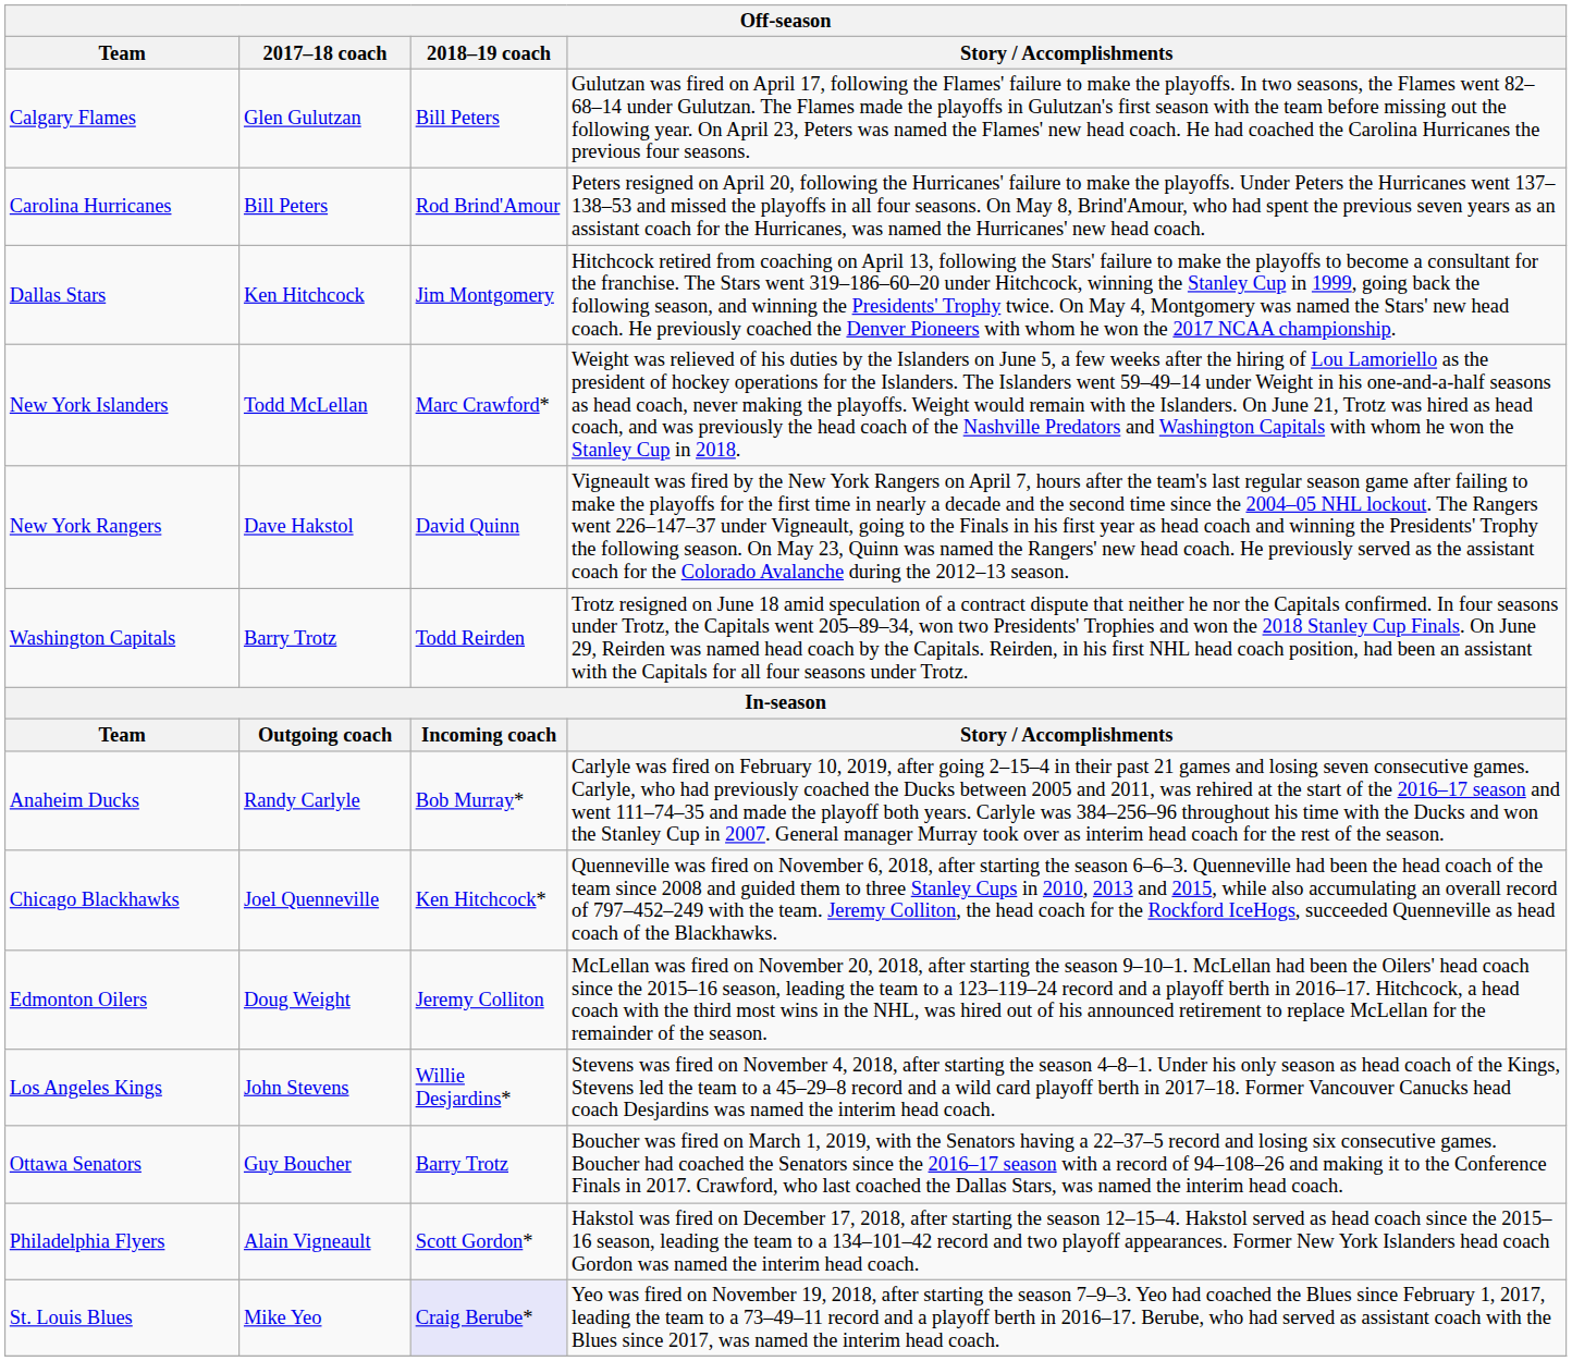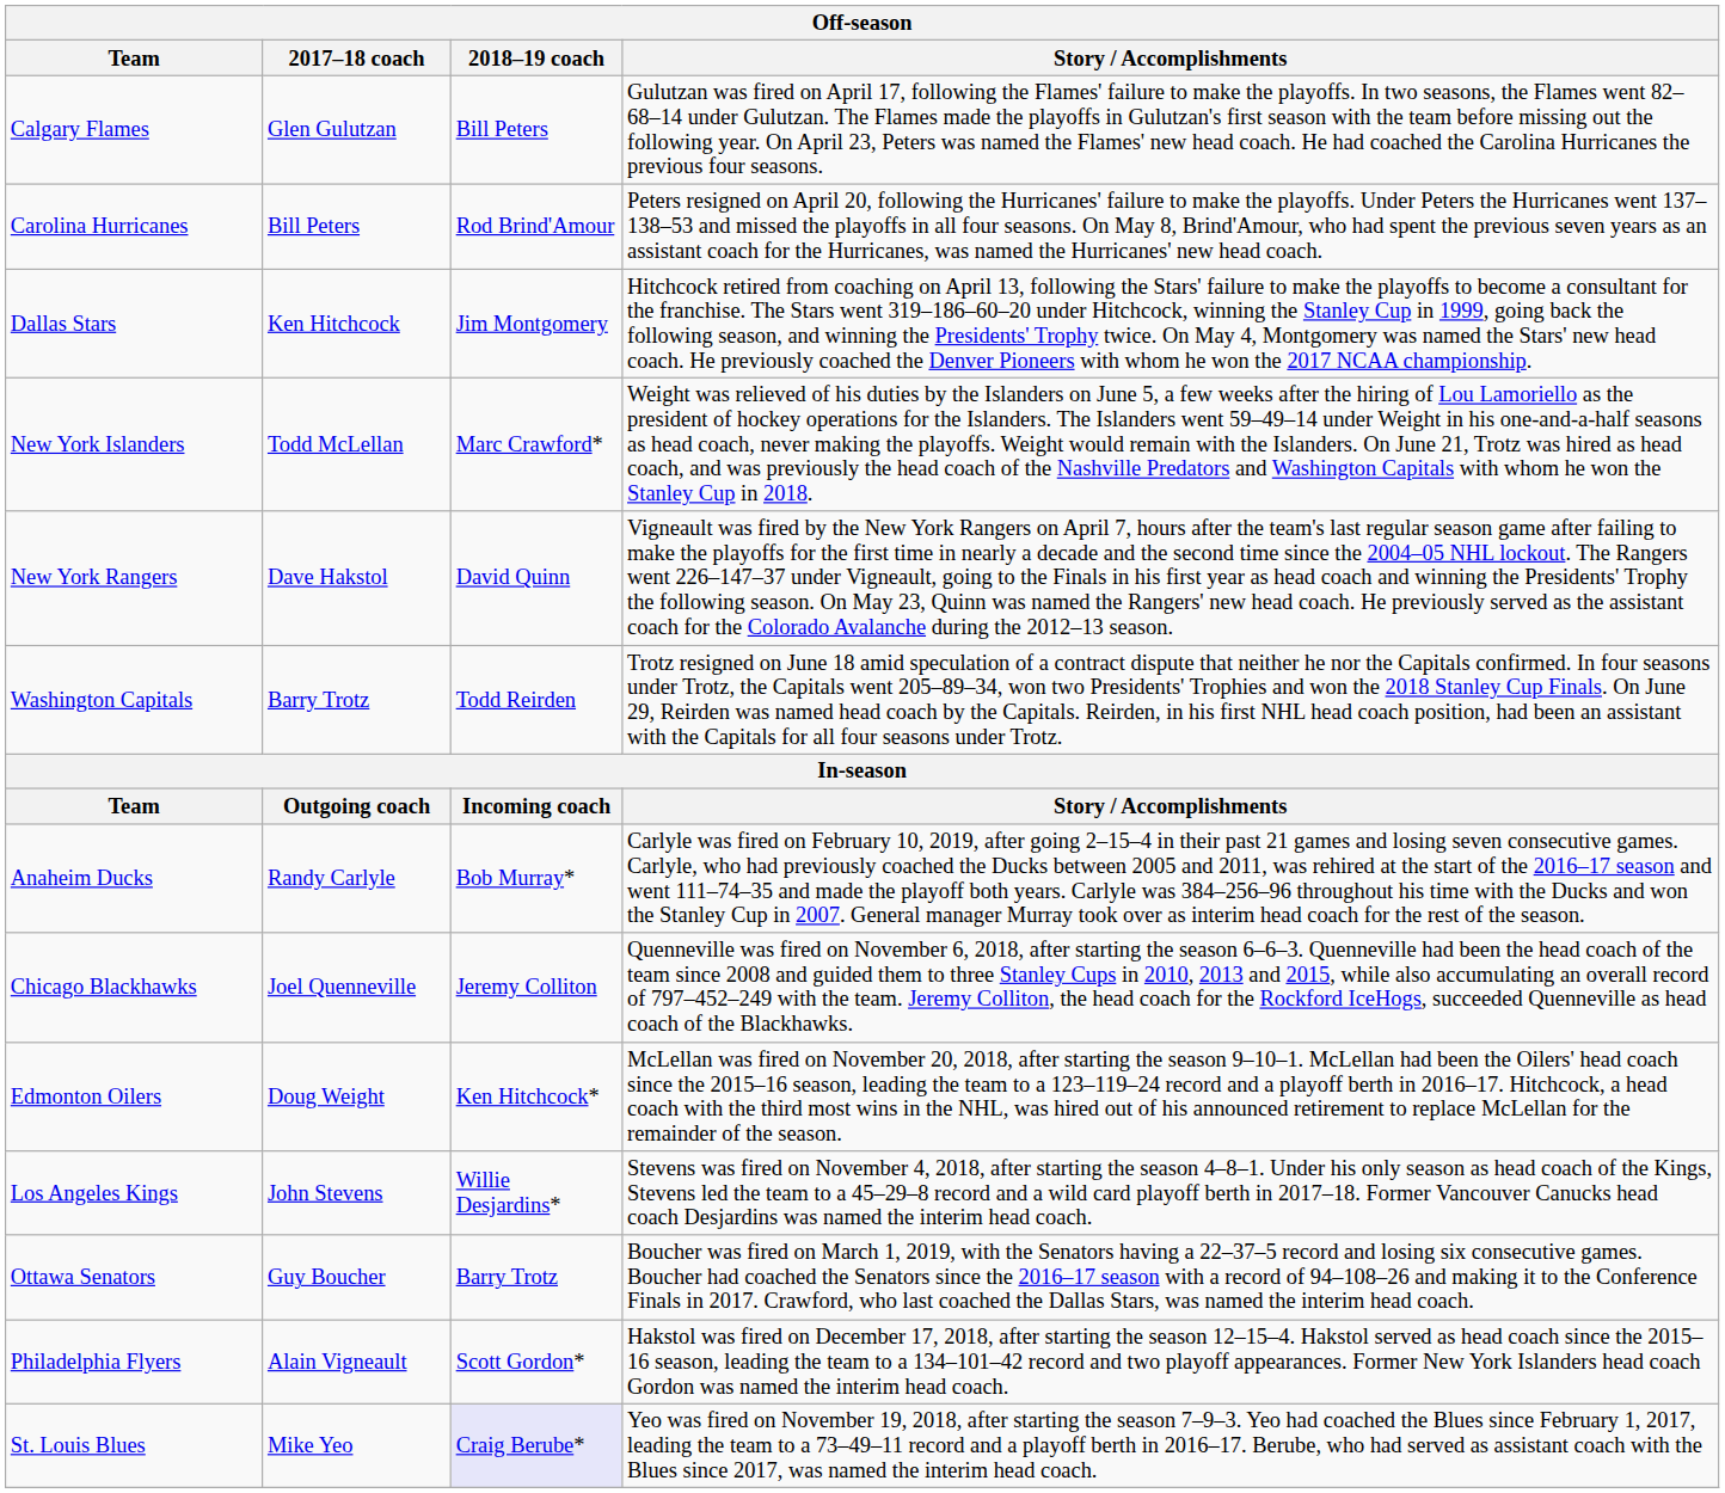 <table class="wikitable">
 <tr>
 <th colspan="4">Off-season</th>
 </tr>
 <tr>
 <th style="width:13%;">Team</th>
 <th style="width:11%;">2017–18 coach</th>
 <th style="width:10%;">2018–19 coach</th>
 <th>Story / Accomplishments</th>
 </tr>
 <tr>
 <td><a href='#'>Calgary Flames</a></td>
 <td><a href='#'>Glen Gulutzan</a></td>
 <td><a href='#'>Bill Peters</a></td>
 <td>Gulutzan was fired on April 17, following the Flames' failure to make the playoffs. In two seasons, the Flames went 82–68–14 under Gulutzan. The Flames made the playoffs in Gulutzan's first season with the team before missing out the following year. On April 23, Peters was named the Flames' new head coach. He had coached the Carolina Hurricanes the previous four seasons.</td>
 </tr>
 <tr>
 <td><a href='#'>Carolina Hurricanes</a></td>
 <td><a href='#'>Bill Peters</a></td>
 <td><a href='#'>Rod Brind'Amour</a></td>
 <td>Peters resigned on April 20, following the Hurricanes' failure to make the playoffs. Under Peters the Hurricanes went 137–138–53 and missed the playoffs in all four seasons. On May 8, Brind'Amour, who had spent the previous seven years as an assistant coach for the Hurricanes, was named the Hurricanes' new head coach.</td>
 </tr>
 <tr>
 <td><a href='#'>Dallas Stars</a></td>
 <td><a href='#'>Ken Hitchcock</a></td>
 <td><a href='#'>Jim Montgomery</a></td>
 <td>Hitchcock retired from coaching on April 13, following the Stars' failure to make the playoffs to become a consultant for the franchise. The Stars went 319–186–60–20 under Hitchcock, winning the <a href='#'>Stanley Cup</a> in <a href='#'>1999</a>, going back the following season, and winning the <a href='#'>Presidents' Trophy</a> twice. On May 4, Montgomery was named the Stars' new head coach. He previously coached the <a href='#'>Denver Pioneers</a> with whom he won the <a href='#'>2017 NCAA championship</a>.</td>
 </tr>
 <tr>
 <td><a href='#'>New York Islanders</a></td>
 <td><a href='#'>Todd McLellan</a></td>
 <td><a href='#'>Marc Crawford</a>*</td>
 <td>Weight was relieved of his duties by the Islanders on June 5, a few weeks after the hiring of <a href='#'>Lou Lamoriello</a> as the president of hockey operations for the Islanders. The Islanders went 59–49–14 under Weight in his one-and-a-half seasons as head coach, never making the playoffs. Weight would remain with the Islanders. On June 21, Trotz was hired as head coach, and was previously the head coach of the <a href='#'>Nashville Predators</a> and <a href='#'>Washington Capitals</a> with whom he won the <a href='#'>Stanley Cup</a> in <a href='#'>2018</a>.</td>
 </tr>
 <tr>
 <td><a href='#'>New York Rangers</a></td>
 <td><a href='#'>Dave Hakstol</a></td>
 <td><a href='#'>David Quinn</a></td>
 <td>Vigneault was fired by the New York Rangers on April 7, hours after the team's last regular season game after failing to make the playoffs for the first time in nearly a decade and the second time since the <a href='#'>2004–05 NHL lockout</a>. The Rangers went 226–147–37 under Vigneault, going to the Finals in his first year as head coach and winning the Presidents' Trophy the following season. On May 23, Quinn was named the Rangers' new head coach. He previously served as the assistant coach for the <a href='#'>Colorado Avalanche</a> during the 2012–13 season.</td>
 </tr>
 <tr>
 <td><a href='#'>Washington Capitals</a></td>
 <td><a href='#'>Barry Trotz</a></td>
 <td><a href='#'>Todd Reirden</a></td>
 <td>Trotz resigned on June 18 amid speculation of a contract dispute that neither he nor the Capitals confirmed. In four seasons under Trotz, the Capitals went 205–89–34, won two Presidents' Trophies and won the <a href='#'>2018 Stanley Cup Finals</a>. On June 29, Reirden was named head coach by the Capitals. Reirden, in his first NHL head coach position, had been an assistant with the Capitals for all four seasons under Trotz.</td>
 </tr>
 <tr>
 <th colspan="4">In-season</th>
 </tr>
 <tr>
 <th style="width:15%;">Team</th>
 <th style="width:10%;">Outgoing coach</th>
 <th style="width:10%;">Incoming coach</th>
 <th>Story / Accomplishments</th>
 </tr>
 <tr>
 <td><a href='#'>Anaheim Ducks</a></td>
 <td><a href='#'>Randy Carlyle</a></td>
 <td><a href='#'>Bob Murray</a>*</td>
 <td>Carlyle was fired on February 10, 2019, after going 2–15–4 in their past 21 games and losing seven consecutive games. Carlyle, who had previously coached the Ducks between 2005 and 2011, was rehired at the start of the <a href='#'>2016–17 season</a> and went 111–74–35 and made the playoff both years. Carlyle was 384–256–96 throughout his time with the Ducks and won the Stanley Cup in <a href='#'>2007</a>. General manager Murray took over as interim head coach for the rest of the season.</td>
 </tr>
 <tr>
 <td><a href='#'>Chicago Blackhawks</a></td>
 <td><a href='#'>Joel Quenneville</a></td>
-<td><a href='#'>Ken Hitchcock</a>*</td>
+<td><a href='#'>Jeremy Colliton</a></td>
 <td>Quenneville was fired on November 6, 2018, after starting the season 6–6–3. Quenneville had been the head coach of the team since 2008 and guided them to three <a href='#'>Stanley Cups</a> in <a href='#'>2010</a>, <a href='#'>2013</a> and <a href='#'>2015</a>, while also accumulating an overall record of 797–452–249 with the team. <a href='#'>Jeremy Colliton</a>, the head coach for the <a href='#'>Rockford IceHogs</a>, succeeded Quenneville as head coach of the Blackhawks.</td>
 </tr>
 <tr>
 <td><a href='#'>Edmonton Oilers</a></td>
 <td><a href='#'>Doug Weight</a></td>
-<td><a href='#'>Jeremy Colliton</a></td>
+<td><a href='#'>Ken Hitchcock</a>*</td>
 <td>McLellan was fired on November 20, 2018, after starting the season 9–10–1. McLellan had been the Oilers' head coach since the 2015–16 season, leading the team to a 123–119–24 record and a playoff berth in 2016–17. Hitchcock, a head coach with the third most wins in the NHL, was hired out of his announced retirement to replace McLellan for the remainder of the season.</td>
 </tr>
 <tr>
 <td><a href='#'>Los Angeles Kings</a></td>
 <td><a href='#'>John Stevens</a></td>
 <td><a href='#'>Willie Desjardins</a>*</td>
 <td>Stevens was fired on November 4, 2018, after starting the season 4–8–1. Under his only season as head coach of the Kings, Stevens led the team to a 45–29–8 record and a wild card playoff berth in 2017–18. Former Vancouver Canucks head coach Desjardins was named the interim head coach.</td>
 </tr>
 <tr>
 <td><a href='#'>Ottawa Senators</a></td>
 <td><a href='#'>Guy Boucher</a></td>
 <td><a href='#'>Barry Trotz</a></td>
 <td>Boucher was fired on March 1, 2019, with the Senators having a 22–37–5 record and losing six consecutive games. Boucher had coached the Senators since the <a href='#'>2016–17 season</a> with a record of 94–108–26 and making it to the Conference Finals in 2017. Crawford, who last coached the Dallas Stars, was named the interim head coach.</td>
 </tr>
 <tr>
 <td><a href='#'>Philadelphia Flyers</a></td>
 <td><a href='#'>Alain Vigneault</a></td>
 <td><a href='#'>Scott Gordon</a>*</td>
 <td>Hakstol was fired on December 17, 2018, after starting the season 12–15–4. Hakstol served as head coach since the 2015–16 season, leading the team to a 134–101–42 record and two playoff appearances. Former New York Islanders head coach Gordon was named the interim head coach.</td>
 </tr>
 <tr>
 <td><a href='#'>St. Louis Blues</a></td>
 <td><a href='#'>Mike Yeo</a></td>
 <td style="background: lavender;"><a href='#'>Craig Berube</a>*</td>
 <td>Yeo was fired on November 19, 2018, after starting the season 7–9–3. Yeo had coached the Blues since February 1, 2017, leading the team to a 73–49–11 record and a playoff berth in 2016–17. Berube, who had served as assistant coach with the Blues since 2017, was named the interim head coach.</td>
 </tr>
 <tr>
 </tr>
 </table>
